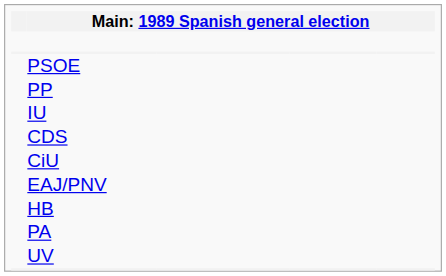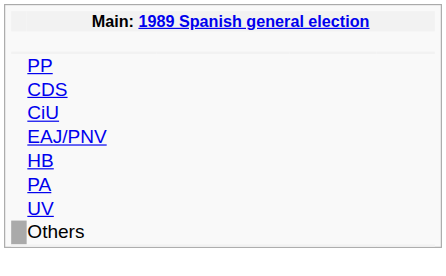 <table class="infobox vcard" style="width:23.0em; padding:0.3em; padding-bottom:0em;" cellspacing=0>
 <tr>
 <td style="background:#F2F2F2; vertical-align:middle; padding:0.4em;" width="30px"></td>
 <th colspan="4" style="text-align:center; background:#F2F2F2; font-size:0.85em; width:100%; vertical-align:middle;">Main: <a href='#'>1989 Spanish general election</a></th>
 </tr>
 <tr>
 <td colspan="5" style="text-align:center; font-size:0.85em; padding:0.5em 0em;">  </td>
 </tr>
 <tr>
 <td colspan="5"></td>
 </tr>
 <tr>
 <td colspan="5"></td>
 </tr>
 <tr>
 <th colspan="2" width="85px" style="background:#F2F2F2;"></th>
 <th width="70px" style="background:#F2F2F2;"></th>
 <th width="45px" style="background:#F2F2F2;"></th>
 <th width="30px" style="background:#F2F2F2;"></th>
 </tr>
 <tr>
 <td style="background:"></td>
-<td><a href='#'>PSOE</a></td>
-<td></td>
-<td></td>
-<td></td>
-</tr>
-<tr>
-<td style="background:"></td>
 <td><a href='#'>PP</a></td>
-<td></td>
-<td></td>
-<td></td>
-</tr>
-<tr>
-<td style="background:"></td>
-<td><a href='#'>IU</a></td>
 <td></td>
 <td></td>
 <td></td>
 </tr>
 <tr>
 <td style="background:"></td>
 <td><a href='#'>CDS</a></td>
 <td></td>
 <td></td>
 <td></td>
 </tr>
 <tr>
 <td style="background:"></td>
 <td><a href='#'>CiU</a></td>
 <td></td>
 <td></td>
 <td></td>
 </tr>
 <tr>
 <td style="background:"></td>
 <td><a href='#'>EAJ/PNV</a></td>
 <td></td>
 <td></td>
 <td></td>
 </tr>
 <tr>
 <td style="background:"></td>
 <td><a href='#'>HB</a></td>
 <td></td>
 <td></td>
 <td></td>
 </tr>
 <tr>
 <td style="background:"></td>
 <td><a href='#'>PA</a></td>
 <td></td>
 <td></td>
 <td></td>
 </tr>
 <tr>
 <td style="background:"></td>
 <td><a href='#'>UV</a></td>
 <td></td>
 <td></td>
 <td></td>
 </tr>
 <tr>
+<td style="background:#AAAAAA;"></td>
+<td>Others</td>
+<td></td>
+<td></td>
+<td></td>
+</tr>
+<tr>
 <th colspan="2" style="background:#F2F2F2;"></th>
 <th style="background:#F2F2F2;"></th>
 <th style="background:#F2F2F2;"></th>
 <th style="background:#F2F2F2;"></th>
 </tr>
 </table>
